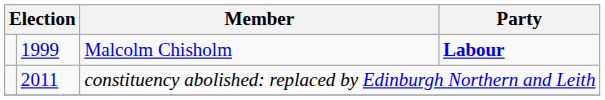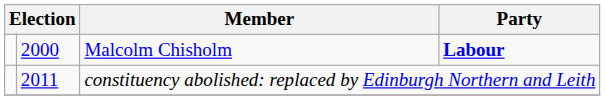 <table class="wikitable">
 <tr>
 <th colspan="2">Election</th>
 <th>Member</th>
 <th>Party</th>
 </tr>
 <tr>
 <td style="background-color: "></td>
-<td><a href='#'>1999</a></td>
+<td><a href='#'>2000</a></td>
 <td><a href='#'>Malcolm Chisholm</a></td>
 <td><strong><a href='#'>Labour</a></strong></td>
 </tr>
 <tr>
 <td style="background-color:"></td>
 <td><a href='#'>2011</a></td>
 <td colspan="3"><em>constituency abolished: replaced by <a href='#'>Edinburgh Northern and Leith</a></em></td>
 </tr>
 <tr>
 </tr>
 </table>
